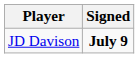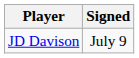 <table class="wikitable sortable sortable" style="text-align: center">
 <tr>
 <th>Player</th>
 <th>Signed</th>
 </tr>
 <tr>
 <td><a href='#'>JD Davison</a></td>
-<td><strong>July 9</strong></td>
+<td>July 9</td>
 </tr>
 </table>
